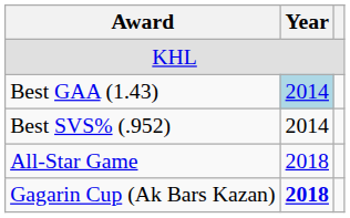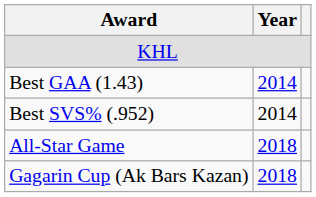 <table class="wikitable">
 <tr>
 <th>Award</th>
 <th>Year</th>
 <th></th>
 </tr>
 <tr ALIGN="center" bgcolor="#e0e0e0">
 <td colspan="3"><a href='#'>KHL</a></td>
 </tr>
 <tr>
 <td>Best <a href='#'>GAA</a> (1.43)</td>
-<td style="background: lightblue;"><a href='#'>2014</a></td>
+<td><a href='#'>2014</a></td>
 <td></td>
 </tr>
 <tr>
 <td>Best <a href='#'>SVS%</a> (.952)</td>
 <td>2014</td>
 <td></td>
 </tr>
 <tr>
 <td><a href='#'>All-Star Game</a></td>
 <td><a href='#'>2018</a></td>
 <td></td>
 </tr>
 <tr>
 <td><a href='#'>Gagarin Cup</a> (Ak Bars Kazan)</td>
-<td><strong><a href='#'>2018</a></strong></td>
+<td><a href='#'>2018</a></td>
 <td></td>
 </tr>
 </table>
